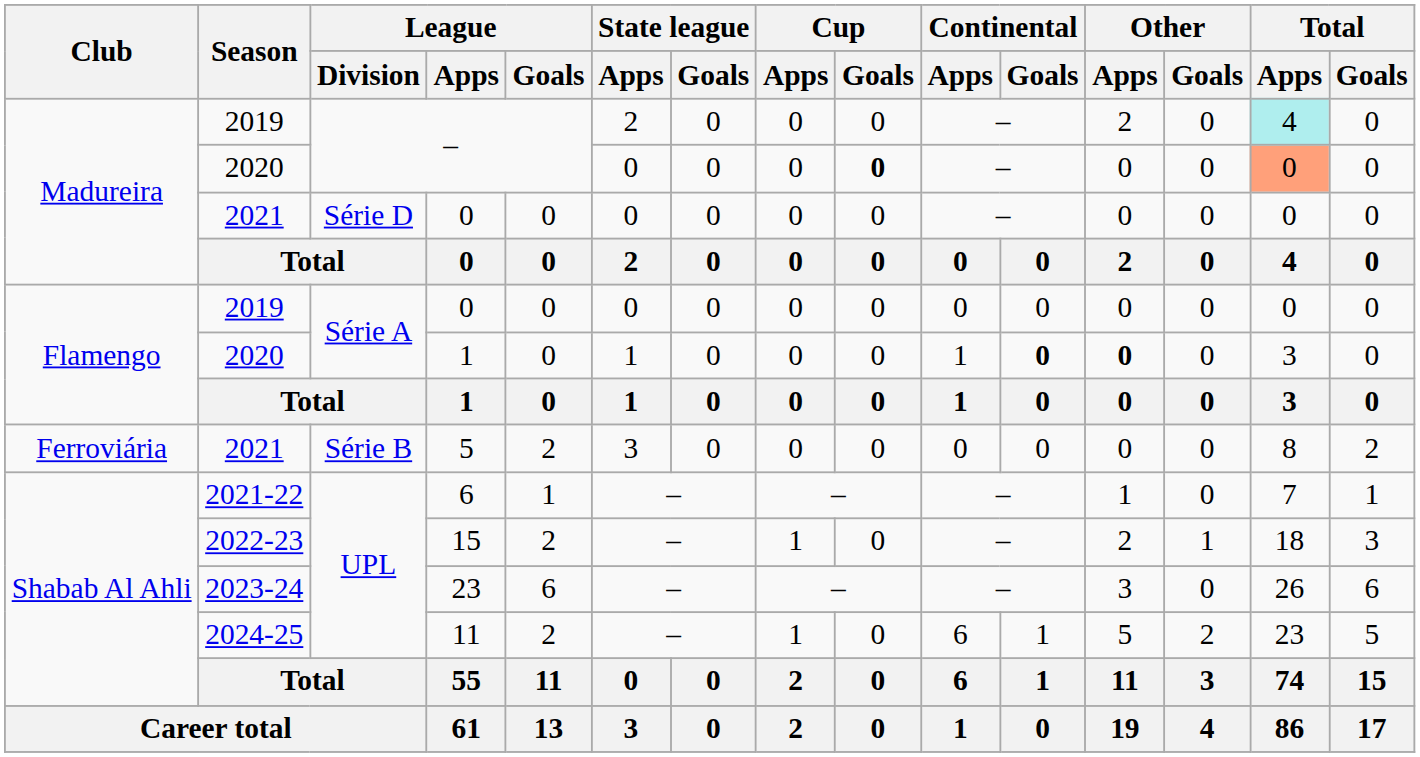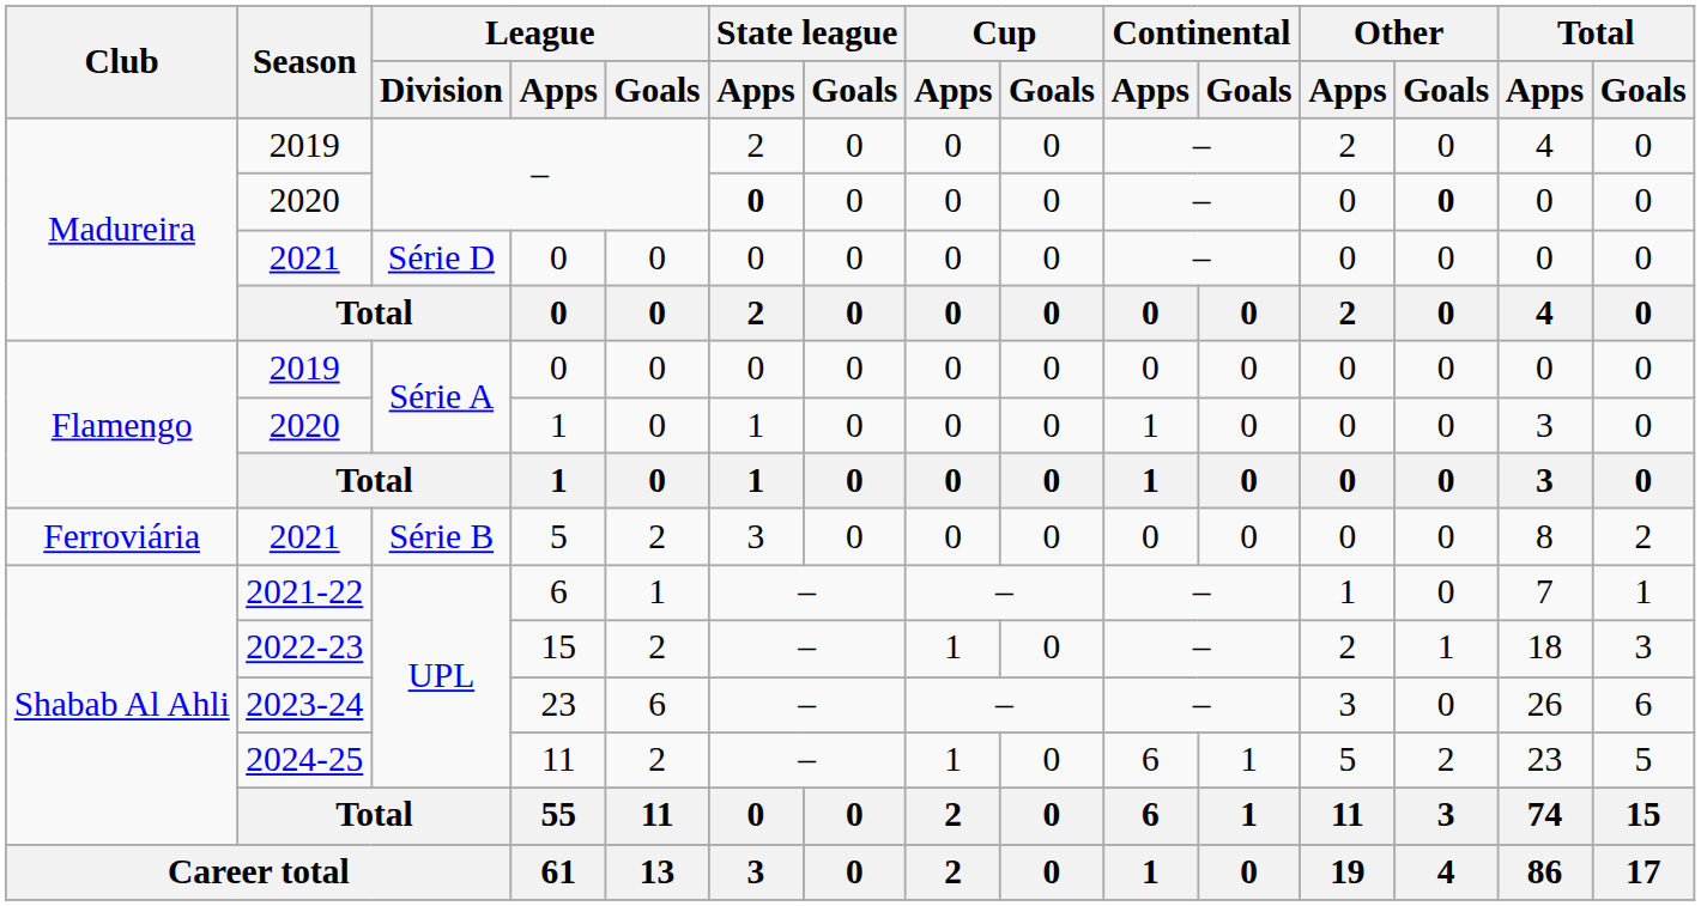 <table class="wikitable" style="text-align: center">
 <tr>
 <th rowspan="2">Club</th>
 <th rowspan="2">Season</th>
 <th colspan="3">League</th>
 <th colspan="2">State league</th>
 <th colspan="2">Cup</th>
 <th colspan="2">Continental</th>
 <th colspan="2">Other</th>
 <th colspan="2">Total</th>
 </tr>
 <tr>
 <th>Division</th>
 <th>Apps</th>
 <th>Goals</th>
 <th>Apps</th>
 <th>Goals</th>
 <th>Apps</th>
 <th>Goals</th>
 <th>Apps</th>
 <th>Goals</th>
 <th>Apps</th>
 <th>Goals</th>
 <th>Apps</th>
 <th>Goals</th>
 </tr>
 <tr>
 <td rowspan="4"><a href='#'>Madureira</a></td>
 <td>2019</td>
 <td colspan="3" rowspan="2">–</td>
 <td>2</td>
 <td>0</td>
 <td>0</td>
 <td>0</td>
 <td colspan="2">–</td>
 <td>2</td>
 <td>0</td>
-<td style="background: paleturquoise;">4</td>
+<td>4</td>
 <td>0</td>
 </tr>
 <tr>
 <td>2020</td>
+<td><strong>0</strong></td>
 <td>0</td>
 <td>0</td>
 <td>0</td>
-<td><strong>0</strong></td>
 <td colspan="2">–</td>
 <td>0</td>
+<td><strong>0</strong></td>
 <td>0</td>
-<td style="background: lightsalmon;">0</td>
 <td>0</td>
 </tr>
 <tr>
 <td><a href='#'>2021</a></td>
 <td><a href='#'>Série D</a></td>
 <td>0</td>
 <td>0</td>
 <td>0</td>
 <td>0</td>
 <td>0</td>
 <td>0</td>
 <td colspan="2">–</td>
 <td>0</td>
 <td>0</td>
 <td>0</td>
 <td>0</td>
 </tr>
 <tr>
 <th colspan="2"><strong>Total</strong></th>
 <th>0</th>
 <th>0</th>
 <th>2</th>
 <th>0</th>
 <th>0</th>
 <th>0</th>
 <th>0</th>
 <th>0</th>
 <th>2</th>
 <th>0</th>
 <th>4</th>
 <th>0</th>
 </tr>
 <tr>
 <td rowspan="3"><a href='#'>Flamengo</a></td>
 <td><a href='#'>2019</a></td>
 <td rowspan="2"><a href='#'>Série A</a></td>
 <td>0</td>
 <td>0</td>
 <td>0</td>
 <td>0</td>
 <td>0</td>
 <td>0</td>
 <td>0</td>
 <td>0</td>
 <td>0</td>
 <td>0</td>
 <td>0</td>
 <td>0</td>
 </tr>
 <tr>
 <td><a href='#'>2020</a></td>
 <td>1</td>
 <td>0</td>
 <td>1</td>
 <td>0</td>
 <td>0</td>
 <td>0</td>
 <td>1</td>
-<td><strong>0</strong></td>
-<td><strong>0</strong></td>
+<td>0</td>
+<td>0</td>
 <td>0</td>
 <td>3</td>
 <td>0</td>
 </tr>
 <tr>
 <th colspan="2"><strong>Total</strong></th>
 <th>1</th>
 <th>0</th>
 <th>1</th>
 <th>0</th>
 <th>0</th>
 <th>0</th>
 <th>1</th>
 <th>0</th>
 <th>0</th>
 <th>0</th>
 <th>3</th>
 <th>0</th>
 </tr>
 <tr>
 <td><a href='#'>Ferroviária</a></td>
 <td><a href='#'>2021</a></td>
 <td><a href='#'>Série B</a></td>
 <td>5</td>
 <td>2</td>
 <td>3</td>
 <td>0</td>
 <td>0</td>
 <td>0</td>
 <td>0</td>
 <td>0</td>
 <td>0</td>
 <td>0</td>
 <td>8</td>
 <td>2</td>
 </tr>
 <tr>
 <td rowspan="5"><a href='#'>Shabab Al Ahli</a></td>
 <td><a href='#'>2021-22</a></td>
 <td rowspan="4"><a href='#'>UPL</a></td>
 <td>6</td>
 <td>1</td>
 <td colspan="2">–</td>
 <td colspan="2">–</td>
 <td colspan="2">–</td>
 <td>1</td>
 <td>0</td>
 <td>7</td>
 <td>1</td>
 </tr>
 <tr>
 <td><a href='#'>2022-23</a></td>
 <td>15</td>
 <td>2</td>
 <td colspan="2">–</td>
 <td>1</td>
 <td>0</td>
 <td colspan="2">–</td>
 <td>2</td>
 <td>1</td>
 <td>18</td>
 <td>3</td>
 </tr>
 <tr>
 <td><a href='#'>2023-24</a></td>
 <td>23</td>
 <td>6</td>
 <td colspan="2">–</td>
 <td colspan="2">–</td>
 <td colspan="2">–</td>
 <td>3</td>
 <td>0</td>
 <td>26</td>
 <td>6</td>
 </tr>
 <tr>
 <td><a href='#'>2024-25</a></td>
 <td>11</td>
 <td>2</td>
 <td colspan="2">–</td>
 <td>1</td>
 <td>0</td>
 <td>6</td>
 <td>1</td>
 <td>5</td>
 <td>2</td>
 <td>23</td>
 <td>5</td>
 </tr>
 <tr>
 <th colspan="2"><strong>Total</strong></th>
 <th>55</th>
 <th>11</th>
 <th>0</th>
 <th>0</th>
 <th>2</th>
 <th>0</th>
 <th>6</th>
 <th>1</th>
 <th>11</th>
 <th>3</th>
 <th>74</th>
 <th>15</th>
 </tr>
 <tr>
 <th colspan="3"><strong>Career total</strong></th>
 <th>61</th>
 <th>13</th>
 <th>3</th>
 <th>0</th>
 <th>2</th>
 <th>0</th>
 <th>1</th>
 <th>0</th>
 <th>19</th>
 <th>4</th>
 <th>86</th>
 <th>17</th>
 </tr>
 </table>
